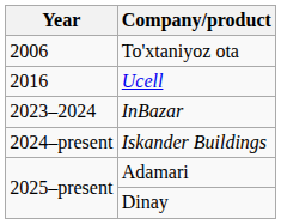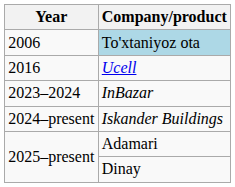 <table class="wikitable">
 <tr>
 <th>Year</th>
 <th>Company/product</th>
 </tr>
 <tr>
 <td rowspan="2">2006</td>
-<td>To'xtaniyoz ota</td>
+<td style="background: lightblue;">To'xtaniyoz ota</td>
 </tr>
 <tr>
 <td rowspan="2"><em><a href='#'>Ucell</a></em></td>
 </tr>
 <tr>
 <td>2016</td>
 </tr>
 <tr>
 <td>2023–2024</td>
 <td><em>InBazar</em></td>
 </tr>
 <tr>
 <td>2024–present</td>
 <td><em>Iskander Buildings</em></td>
 </tr>
 <tr>
 <td rowspan="2">2025–present</td>
 <td>Adamari</td>
 </tr>
 <tr>
 <td>Dinay</td>
 </tr>
 </table>
